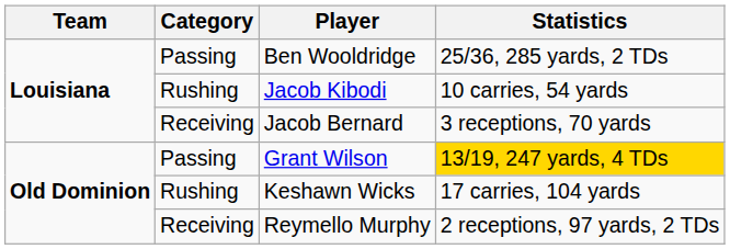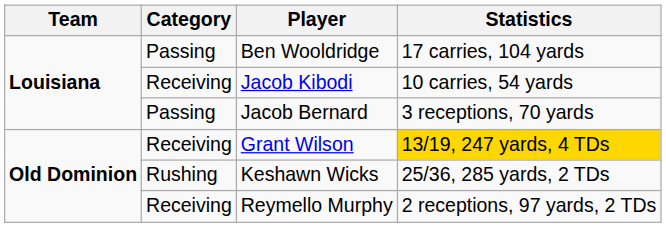 <table class="wikitable" style="float: left;">
 <tr>
 <th>Team</th>
 <th>Category</th>
 <th>Player</th>
 <th>Statistics</th>
 </tr>
 <tr>
 <td rowspan=3><strong>Louisiana</strong></td>
 <td>Passing</td>
 <td>Ben Wooldridge</td>
-<td>25/36, 285 yards, 2 TDs</td>
+<td>17 carries, 104 yards</td>
 </tr>
 <tr>
-<td>Rushing</td>
+<td>Receiving</td>
 <td><a href='#'>Jacob Kibodi</a></td>
 <td>10 carries, 54 yards</td>
 </tr>
 <tr>
-<td>Receiving</td>
+<td>Passing</td>
 <td>Jacob Bernard</td>
 <td>3 receptions, 70 yards</td>
 </tr>
 <tr>
 <td rowspan=3><strong>Old Dominion</strong></td>
-<td>Passing</td>
+<td>Receiving</td>
 <td><a href='#'>Grant Wilson</a></td>
 <td style="background: gold;">13/19, 247 yards, 4 TDs</td>
 </tr>
 <tr>
 <td>Rushing</td>
 <td>Keshawn Wicks</td>
-<td>17 carries, 104 yards</td>
+<td>25/36, 285 yards, 2 TDs</td>
 </tr>
 <tr>
 <td>Receiving</td>
 <td>Reymello Murphy</td>
 <td>2 receptions, 97 yards, 2 TDs</td>
 </tr>
 </table>
